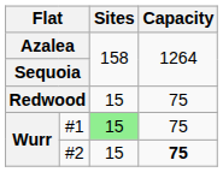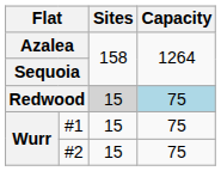 <table class="wikitable sortable" style="font-size:85%;float:right;text-align:center;">
 <tr>
 <th colspan=2>Flat</th>
 <th>Sites</th>
 <th>Capacity</th>
 </tr>
 <tr>
 <th colspan=2>Azalea</th>
 <td rowspan=2>158</td>
 <td rowspan=2>1264</td>
 </tr>
 <tr>
 <th colspan=2>Sequoia</th>
 </tr>
 <tr>
 <th colspan=2>Redwood</th>
-<td>15</td>
-<td>75</td>
+<td style="background: lightgrey;">15</td>
+<td style="background: lightblue;">75</td>
 </tr>
 <tr>
 <th rowspan=2>Wurr</th>
 <td>#1</td>
-<td style="background: lightgreen;">15</td>
+<td>15</td>
 <td>75</td>
 </tr>
 <tr>
 <td>#2</td>
 <td>15</td>
-<td><strong>75</strong></td>
+<td>75</td>
 </tr>
 </table>
